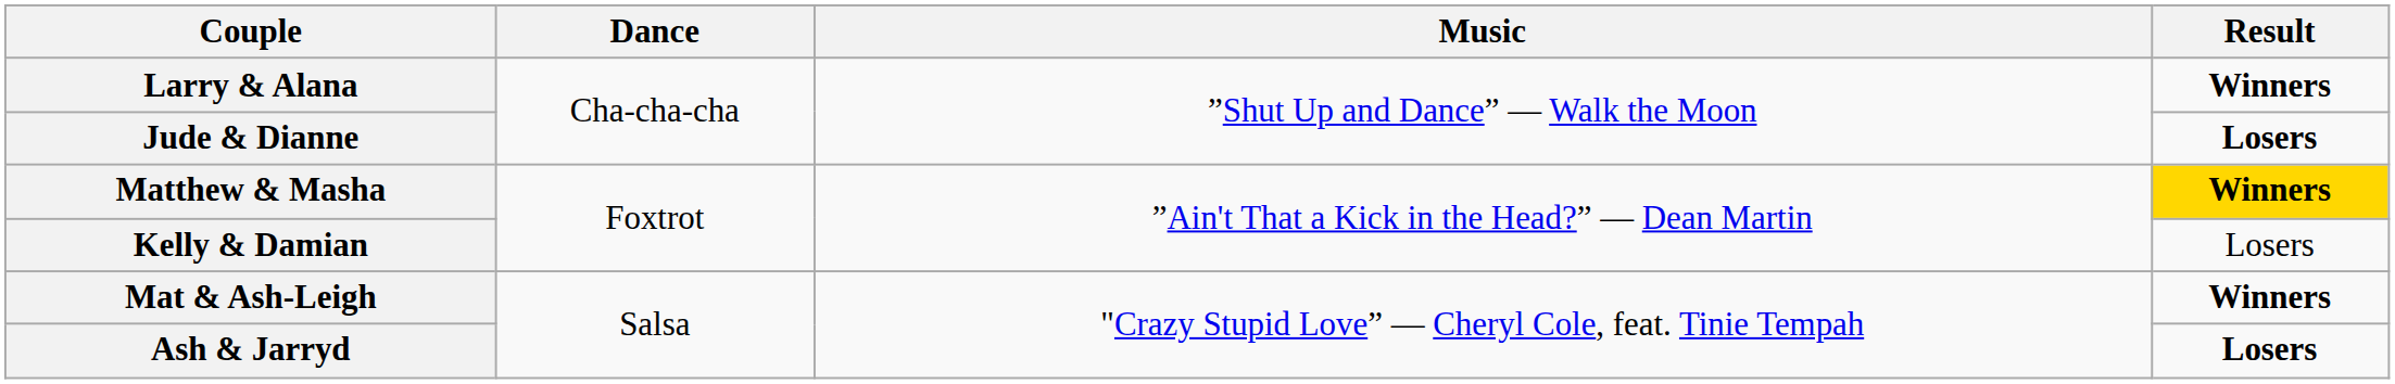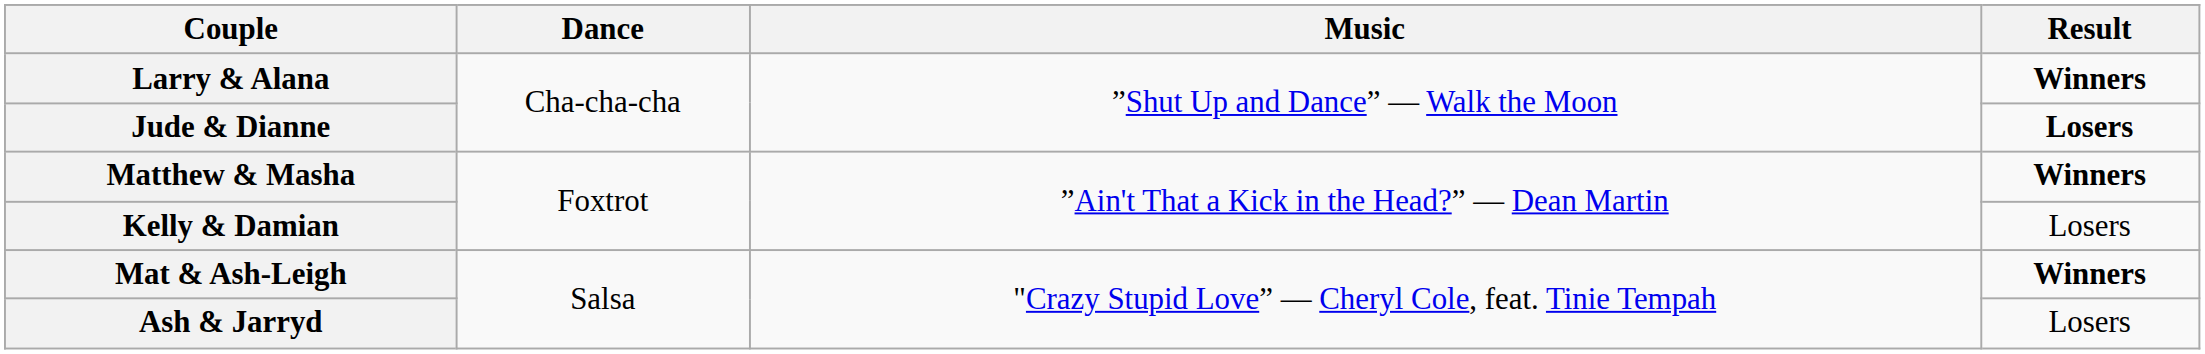 <table class="wikitable unsortable" style="text-align:center; width: 90%">
 <tr Dance-offs>
 <th scope="col">Couple</th>
 <th scope="col">Dance</th>
 <th scope="col">Music</th>
 <th scope="col">Result</th>
 </tr>
 <tr>
 <th scope="row">Larry & Alana</th>
 <td rowspan=2>Cha-cha-cha</td>
 <td rowspan=2>”<a href='#'>Shut Up and Dance</a>” — <a href='#'>Walk the Moon</a></td>
 <td><strong>Winners</strong></td>
 </tr>
 <tr>
 <th scope="row">Jude & Dianne</th>
 <td><strong>Losers</strong></td>
 </tr>
 <tr>
 <th scope="row">Matthew & Masha</th>
 <td rowspan=2>Foxtrot</td>
 <td rowspan=2>”<a href='#'>Ain't That a Kick in the Head?</a>” — <a href='#'>Dean Martin</a></td>
-<td style="background: gold;"><strong>Winners</strong></td>
+<td><strong>Winners</strong></td>
 </tr>
 <tr>
 <th scope="row">Kelly & Damian</th>
 <td>Losers</td>
 </tr>
 <tr>
 <th scope="row">Mat & Ash-Leigh</th>
 <td rowspan=2>Salsa</td>
 <td rowspan=2>"<a href='#'>Crazy Stupid Love</a>” — <a href='#'>Cheryl Cole</a>, feat. <a href='#'>Tinie Tempah</a></td>
 <td><strong>Winners</strong></td>
 </tr>
 <tr>
 <th scope="row">Ash & Jarryd</th>
-<td><strong>Losers</strong></td>
+<td>Losers</td>
 </tr>
 </table>
